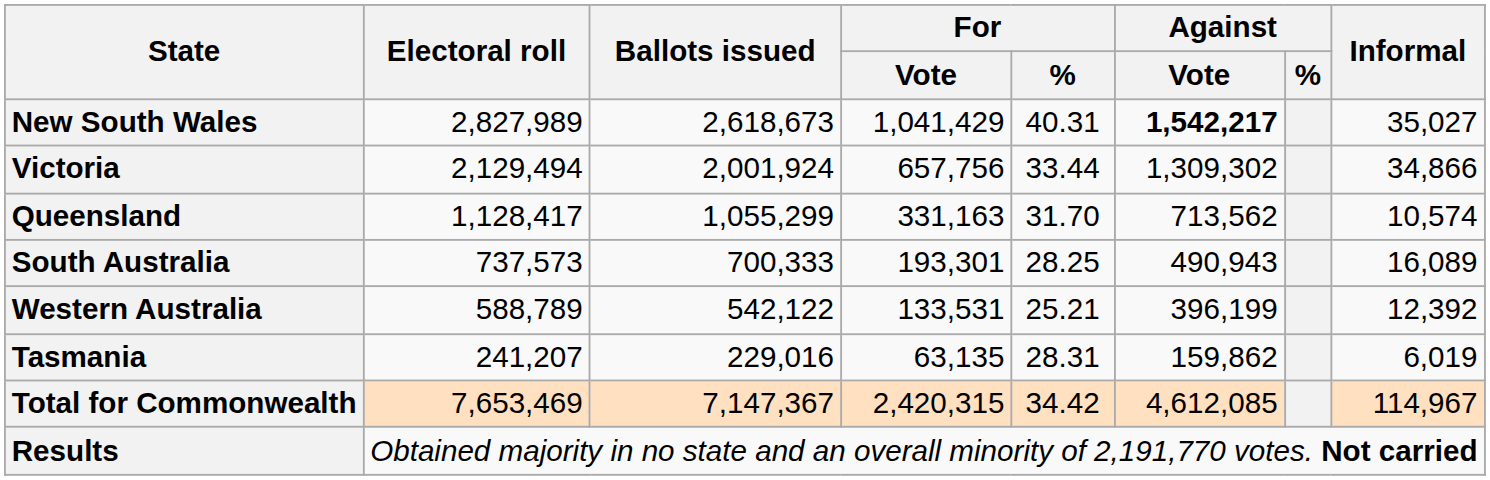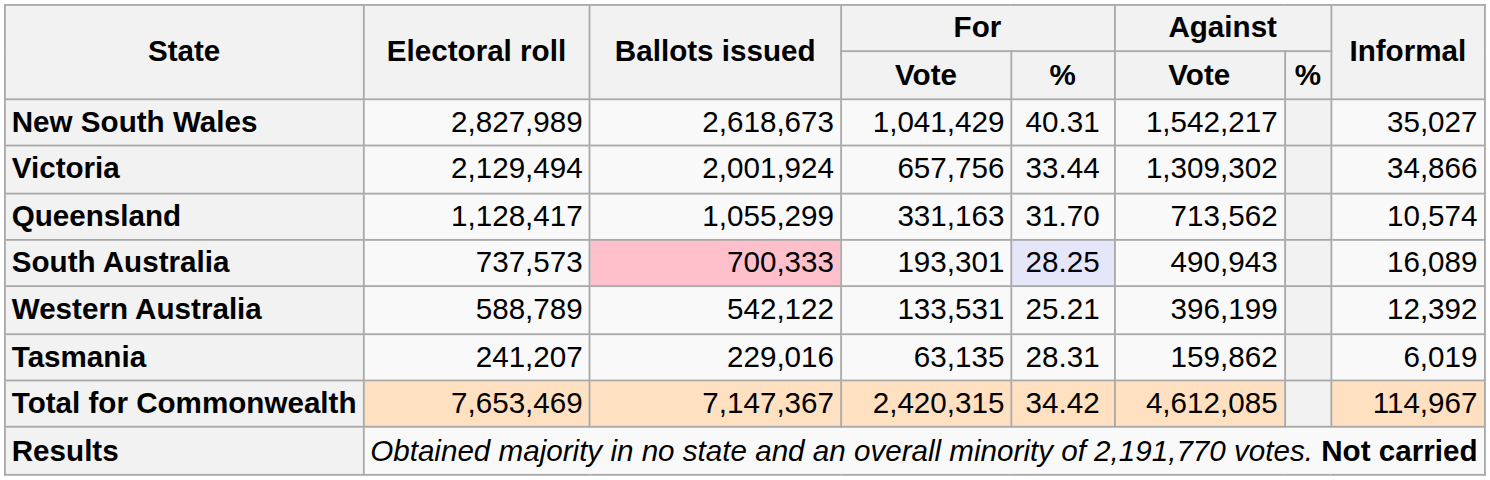 <table class="wikitable">
 <tr align=center>
 <th rowspan="2">State</th>
 <th rowspan="2">Electoral roll</th>
 <th rowspan="2">Ballots issued</th>
 <th align=center colspan="2">For</th>
 <th align=center colspan="2">Against</th>
 <th align=center rowspan="2">Informal</th>
 </tr>
 <tr>
 <th align=center>Vote</th>
 <th align=center>%</th>
 <th align=center>Vote</th>
 <th align=center>%</th>
 </tr>
 <tr align="right">
 <th style="text-align:left;">New South Wales</th>
 <td>2,827,989</td>
 <td>2,618,673</td>
 <td>1,041,429</td>
 <td align="center">40.31</td>
-<td><strong>1,542,217</strong></td>
+<td>1,542,217</td>
 <th></th>
 <td>35,027</td>
 </tr>
 <tr align="right">
 <th style="text-align:left;">Victoria</th>
 <td>2,129,494</td>
 <td>2,001,924</td>
 <td>657,756</td>
 <td align="center">33.44</td>
 <td>1,309,302</td>
 <th></th>
 <td>34,866</td>
 </tr>
 <tr align="right">
 <th style="text-align:left;">Queensland</th>
 <td>1,128,417</td>
 <td>1,055,299</td>
 <td>331,163</td>
 <td align="center">31.70</td>
 <td>713,562</td>
 <th></th>
 <td>10,574</td>
 </tr>
 <tr align="right">
 <th style="text-align:left;">South Australia</th>
 <td>737,573</td>
-<td>700,333</td>
+<td style="background: pink;">700,333</td>
 <td>193,301</td>
-<td align="center">28.25</td>
+<td align="center" style="background: lavender;">28.25</td>
 <td>490,943</td>
 <th></th>
 <td>16,089</td>
 </tr>
 <tr align="right">
 <th style="text-align:left;">Western Australia</th>
 <td>588,789</td>
 <td>542,122</td>
 <td>133,531</td>
 <td align="center">25.21</td>
 <td>396,199</td>
 <th></th>
 <td>12,392</td>
 </tr>
 <tr align="right">
 <th style="text-align:left;">Tasmania</th>
 <td>241,207</td>
 <td>229,016</td>
 <td>63,135</td>
 <td align="center">28.31</td>
 <td>159,862</td>
 <th></th>
 <td>6,019</td>
 </tr>
 <tr bgcolor="#FFE0C0" align="right">
 <th style="text-align:left">Total for Commonwealth</th>
 <td>7,653,469</td>
 <td>7,147,367</td>
 <td>2,420,315</td>
 <td align="center">34.42</td>
 <td>4,612,085</td>
 <th></th>
 <td>114,967</td>
 </tr>
 <tr>
 <th style="text-align:left;">Results</th>
 <td colSpan="8"><em>Obtained majority in no state and an overall minority of 2,191,770 votes.</em> <strong>Not carried</strong></td>
 </tr>
 </table>
